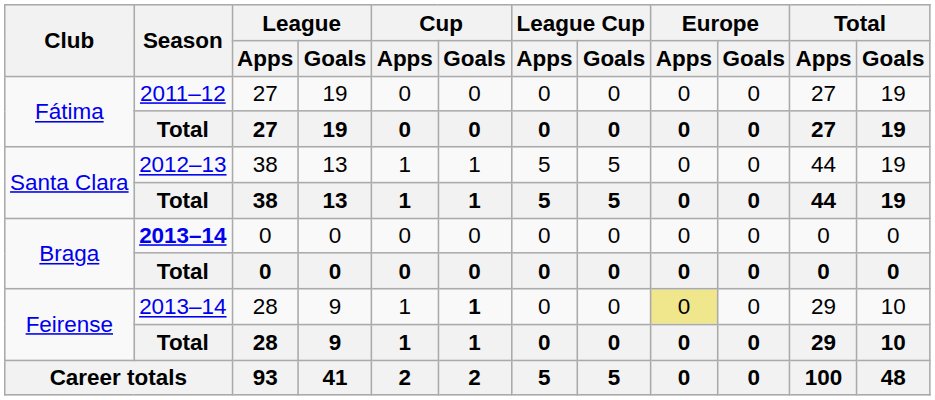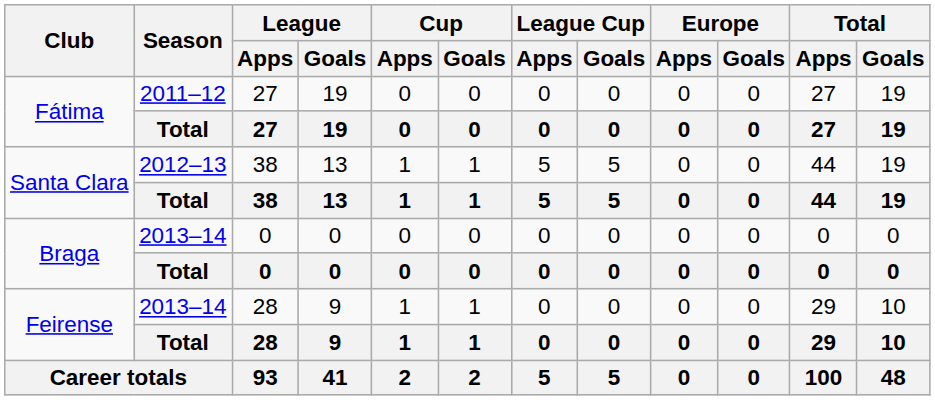 <table class="wikitable" style="font-size:90%; text-align: center">
 <tr>
 <th rowspan="2">Club</th>
 <th rowspan="2">Season</th>
 <th colspan="2">League</th>
 <th colspan="2">Cup</th>
 <th colspan="2">League Cup</th>
 <th colspan="2">Europe</th>
 <th colspan="2">Total</th>
 </tr>
 <tr>
 <th>Apps</th>
 <th>Goals</th>
 <th>Apps</th>
 <th>Goals</th>
 <th>Apps</th>
 <th>Goals</th>
 <th>Apps</th>
 <th>Goals</th>
 <th>Apps</th>
 <th>Goals</th>
 </tr>
 <tr>
 <td rowspan=2><a href='#'>Fátima</a></td>
 <td><a href='#'>2011–12</a></td>
 <td>27</td>
 <td>19</td>
 <td>0</td>
 <td>0</td>
 <td>0</td>
 <td>0</td>
 <td>0</td>
 <td>0</td>
 <td>27</td>
 <td>19</td>
 </tr>
 <tr>
 <th colspan=1>Total</th>
 <th>27</th>
 <th>19</th>
 <th>0</th>
 <th>0</th>
 <th>0</th>
 <th>0</th>
 <th>0</th>
 <th>0</th>
 <th>27</th>
 <th>19</th>
 </tr>
 <tr>
 <td rowspan=2><a href='#'>Santa Clara</a></td>
 <td><a href='#'>2012–13</a></td>
 <td>38</td>
 <td>13</td>
 <td>1</td>
 <td>1</td>
 <td>5</td>
 <td>5</td>
 <td>0</td>
 <td>0</td>
 <td>44</td>
 <td>19</td>
 </tr>
 <tr>
 <th colspan=1>Total</th>
 <th>38</th>
 <th>13</th>
 <th>1</th>
 <th>1</th>
 <th>5</th>
 <th>5</th>
 <th>0</th>
 <th>0</th>
 <th>44</th>
 <th>19</th>
 </tr>
 <tr>
 <td rowspan=2><a href='#'>Braga</a></td>
-<td><strong><a href='#'>2013–14</a></strong></td>
+<td><a href='#'>2013–14</a></td>
 <td>0</td>
 <td>0</td>
 <td>0</td>
 <td>0</td>
 <td>0</td>
 <td>0</td>
 <td>0</td>
 <td>0</td>
 <td>0</td>
 <td>0</td>
 </tr>
 <tr>
 <th colspan=1>Total</th>
 <th>0</th>
 <th>0</th>
 <th>0</th>
 <th>0</th>
 <th>0</th>
 <th>0</th>
 <th>0</th>
 <th>0</th>
 <th>0</th>
 <th>0</th>
 </tr>
 <tr>
 <td rowspan=2><a href='#'>Feirense</a></td>
 <td><a href='#'>2013–14</a></td>
 <td>28</td>
 <td>9</td>
 <td>1</td>
-<td><strong>1</strong></td>
+<td>1</td>
 <td>0</td>
 <td>0</td>
-<td style="background: khaki;">0</td>
+<td>0</td>
 <td>0</td>
 <td>29</td>
 <td>10</td>
 </tr>
 <tr>
 <th colspan=1>Total</th>
 <th>28</th>
 <th>9</th>
 <th>1</th>
 <th>1</th>
 <th>0</th>
 <th>0</th>
 <th>0</th>
 <th>0</th>
 <th>29</th>
 <th>10</th>
 </tr>
 <tr>
 <th colspan=2>Career totals</th>
 <th>93</th>
 <th>41</th>
 <th>2</th>
 <th>2</th>
 <th>5</th>
 <th>5</th>
 <th>0</th>
 <th>0</th>
 <th>100</th>
 <th>48</th>
 </tr>
 </table>
